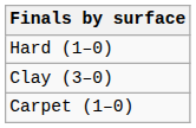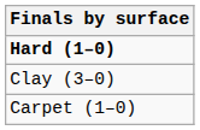 <table class=wikitable style=font-size:90%>
 <tr>
 <th>Finals by surface</th>
 </tr>
 <tr>
-<td>Hard (1–0)</td>
+<td><strong>Hard (1–0)</strong></td>
 </tr>
 <tr>
 <td>Clay (3–0)</td>
 </tr>
 <tr>
 <td>Carpet (1–0)</td>
 </tr>
 </table>
